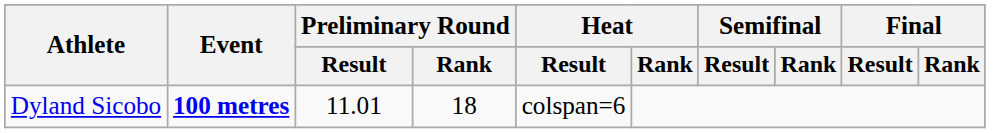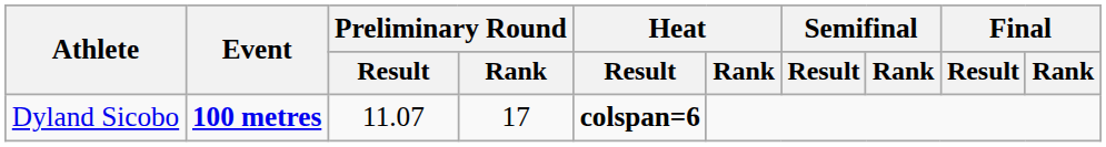 <table class="wikitable" style="font-size:90%">
 <tr>
 <th rowspan="2">Athlete</th>
 <th rowspan="2">Event</th>
 <th colspan="2">Preliminary Round</th>
 <th colspan="2">Heat</th>
 <th colspan="2">Semifinal</th>
 <th colspan="2">Final</th>
 </tr>
 <tr style="font-size:95%">
 <th>Result</th>
 <th>Rank</th>
 <th>Result</th>
 <th>Rank</th>
 <th>Result</th>
 <th>Rank</th>
 <th>Result</th>
 <th>Rank</th>
 </tr>
 <tr style=text-align:center>
 <td style=text-align:left><a href='#'>Dyland Sicobo</a></td>
 <td style=text-align:left><strong><a href='#'>100 metres</a></strong></td>
-<td>11.01</td>
-<td>18</td>
-<td>colspan=6 </td>
+<td>11.07</td>
+<td>17</td>
+<td><strong>colspan=6 </strong></td>
 </tr>
 </table>
